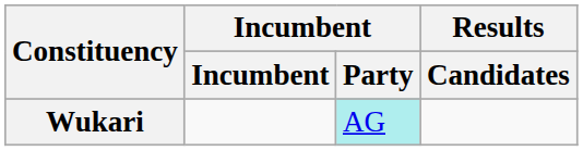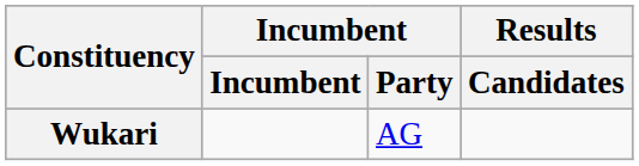 <table class="wikitable sortable">
 <tr>
 <th rowspan="2">Constituency</th>
 <th colspan="2">Incumbent</th>
 <th>Results</th>
 </tr>
 <tr valign="bottom">
 <th>Incumbent</th>
 <th>Party</th>
 <th>Candidates</th>
 </tr>
 <tr>
 <th>Wukari</th>
 <td></td>
-<td style="background: paleturquoise;"><a href='#'>AG</a></td>
+<td><a href='#'>AG</a></td>
 <td nowrap=""></td>
 </tr>
 </table>
